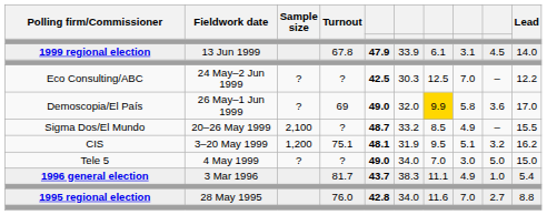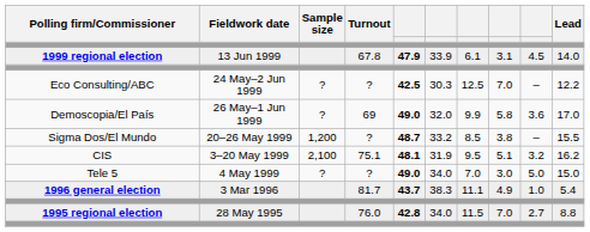 <table class="wikitable collapsible collapsed" style="text-align:center; font-size:95%; line-height:16px;">
 <tr style="height:42px;">
 <th style="width:250px;" rowspan="2">Polling firm/Commissioner</th>
 <th style="width:125px;" rowspan="2">Fieldwork date</th>
 <th style="width:50px;" rowspan="2">Sample size</th>
 <th style="width:45px;" rowspan="2">Turnout</th>
 <th style="width:35px;"></th>
 <th style="width:35px;"></th>
 <th style="width:35px;"></th>
 <th style="width:35px;"></th>
 <th style="width:35px;"></th>
 <th style="width:30px;" rowspan="2">Lead</th>
 </tr>
 <tr>
 <th style="color:inherit;background:"></th>
 <th style="color:inherit;background:"></th>
 <th style="color:inherit;background:"></th>
 <th style="color:inherit;background:"></th>
 <th style="color:inherit;background:"></th>
 </tr>
 <tr>
 <td colspan="10" style="background:#A0A0A0"></td>
 </tr>
 <tr style="background:#EFEFEF;">
 <td><strong><a href='#'>1999 regional election</a></strong></td>
 <td>13 Jun 1999</td>
 <td></td>
 <td>67.8</td>
 <td><strong>47.9</strong><br></td>
 <td>33.9<br></td>
 <td>6.1<br></td>
 <td>3.1<br></td>
 <td>4.5<br></td>
 <td style="background:">14.0</td>
 </tr>
 <tr>
 <td colspan="10" style="background:#A0A0A0"></td>
 </tr>
 <tr>
 <td>Eco Consulting/ABC</td>
 <td>24 May–2 Jun 1999</td>
 <td>?</td>
 <td>?</td>
 <td><strong>42.5</strong><br></td>
 <td>30.3<br></td>
 <td>12.5<br></td>
 <td>7.0<br></td>
 <td>–</td>
 <td style="background:">12.2</td>
 </tr>
 <tr>
 <td>Demoscopia/El País</td>
 <td>26 May–1 Jun 1999</td>
 <td>?</td>
 <td>69</td>
 <td><strong>49.0</strong><br></td>
 <td>32.0<br></td>
-<td style="background: gold;">9.9<br></td>
+<td>9.9<br></td>
 <td>5.8<br></td>
 <td>3.6<br></td>
 <td style="background:">17.0</td>
 </tr>
 <tr>
 <td>Sigma Dos/El Mundo</td>
 <td>20–26 May 1999</td>
-<td>2,100</td>
+<td>1,200</td>
 <td>?</td>
 <td><strong>48.7</strong><br></td>
 <td>33.2<br></td>
 <td>8.5<br></td>
-<td>4.9<br></td>
+<td>3.8<br></td>
 <td>–</td>
 <td style="background:">15.5</td>
 </tr>
 <tr>
 <td>CIS</td>
 <td>3–20 May 1999</td>
-<td>1,200</td>
+<td>2,100</td>
 <td>75.1</td>
 <td><strong>48.1</strong><br></td>
 <td>31.9<br></td>
 <td>9.5<br></td>
 <td>5.1<br></td>
 <td>3.2<br></td>
 <td style="background:">16.2</td>
 </tr>
 <tr>
 <td>Tele 5</td>
 <td>4 May 1999</td>
 <td>?</td>
 <td>?</td>
 <td><strong>49.0</strong><br></td>
 <td>34.0<br></td>
 <td>7.0<br></td>
 <td>3.0<br></td>
 <td>5.0<br></td>
 <td style="background:">15.0</td>
 </tr>
 <tr style="background:#EFEFEF;">
 <td><strong><a href='#'>1996 general election</a></strong></td>
 <td>3 Mar 1996</td>
 <td></td>
 <td>81.7</td>
 <td><strong>43.7</strong><br></td>
 <td>38.3<br></td>
 <td>11.1<br></td>
 <td>4.9<br></td>
 <td>1.0<br></td>
 <td style="background:">5.4</td>
 </tr>
 <tr>
 <td colspan="10" style="background:#A0A0A0"></td>
 </tr>
 <tr style="background:#EFEFEF;">
 <td><strong><a href='#'>1995 regional election</a></strong></td>
 <td>28 May 1995</td>
 <td></td>
 <td>76.0</td>
 <td><strong>42.8</strong><br></td>
 <td>34.0<br></td>
-<td>11.6<br></td>
+<td>11.5<br></td>
 <td>7.0<br></td>
 <td>2.7<br></td>
 <td style="background:">8.8</td>
 </tr>
 <tr>
 <td colspan="10" style="background:#A0A0A0"></td>
 </tr>
 </table>
